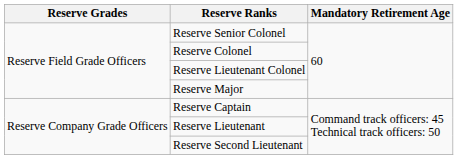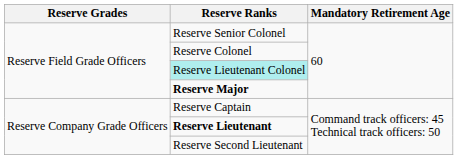 <table class="wikitable">
 <tr>
 <th>Reserve Grades</th>
 <th>Reserve Ranks</th>
 <th>Mandatory Retirement Age</th>
 </tr>
 <tr>
 <td rowspan="4">Reserve Field Grade Officers</td>
 <td>Reserve Senior Colonel</td>
 <td rowspan="4">60</td>
 </tr>
 <tr>
 <td>Reserve Colonel</td>
 </tr>
 <tr>
-<td>Reserve Lieutenant Colonel</td>
+<td style="background: paleturquoise;">Reserve Lieutenant Colonel</td>
 </tr>
 <tr>
-<td>Reserve Major</td>
+<td><strong>Reserve Major</strong></td>
 </tr>
 <tr>
 <td rowspan="3">Reserve Company Grade Officers</td>
 <td>Reserve Captain</td>
 <td rowspan="3">Command track officers: 45<br>Technical track officers: 50</td>
 </tr>
 <tr>
-<td>Reserve Lieutenant</td>
+<td><strong>Reserve Lieutenant</strong></td>
 </tr>
 <tr>
 <td>Reserve Second Lieutenant</td>
 </tr>
 </table>
